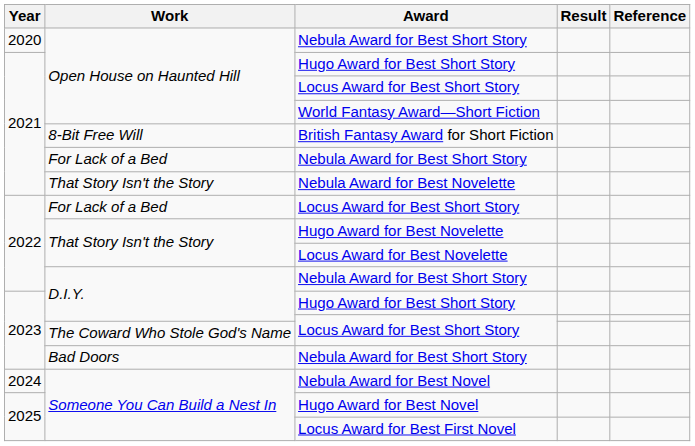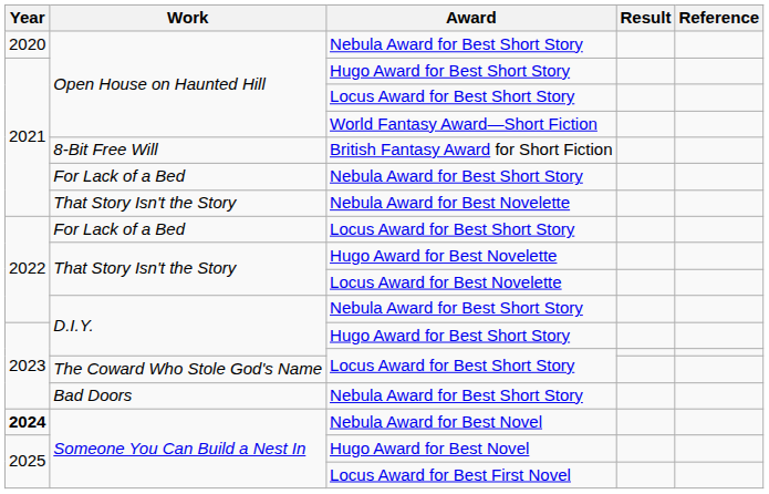 <table class="wikitable sortable">
 <tr>
 <th>Year</th>
 <th>Work</th>
 <th>Award</th>
 <th>Result</th>
 <th>Reference</th>
 </tr>
 <tr>
 <td>2020</td>
 <td rowspan=4><em>Open House on Haunted Hill</em></td>
 <td><a href='#'>Nebula Award for Best Short Story</a></td>
 <td></td>
 <td></td>
 </tr>
 <tr>
 <td rowspan=6>2021</td>
 <td><a href='#'>Hugo Award for Best Short Story</a></td>
 <td></td>
 <td></td>
 </tr>
 <tr>
 <td><a href='#'>Locus Award for Best Short Story</a></td>
 <td></td>
 <td></td>
 </tr>
 <tr>
 <td><a href='#'>World Fantasy Award—Short Fiction</a></td>
 <td></td>
 <td></td>
 </tr>
 <tr>
 <td><em>8-Bit Free Will</em></td>
 <td><a href='#'>British Fantasy Award</a> for Short Fiction</td>
 <td></td>
 <td></td>
 </tr>
 <tr>
 <td><em>For Lack of a Bed</em></td>
 <td><a href='#'>Nebula Award for Best Short Story</a></td>
 <td></td>
 <td></td>
 </tr>
 <tr>
 <td><em>That Story Isn't the Story</em></td>
 <td><a href='#'>Nebula Award for Best Novelette</a></td>
 <td></td>
 <td></td>
 </tr>
 <tr>
 <td rowspan=4>2022</td>
 <td><em>For Lack of a Bed</em></td>
 <td><a href='#'>Locus Award for Best Short Story</a></td>
 <td></td>
 <td></td>
 </tr>
 <tr>
 <td rowspan=2><em>That Story Isn't the Story</em></td>
 <td><a href='#'>Hugo Award for Best Novelette</a></td>
 <td></td>
 <td></td>
 </tr>
 <tr>
 <td><a href='#'>Locus Award for Best Novelette</a></td>
 <td></td>
 <td></td>
 </tr>
 <tr>
 <td rowspan=3><em>D.I.Y.</em></td>
 <td><a href='#'>Nebula Award for Best Short Story</a></td>
 <td></td>
 <td></td>
 </tr>
 <tr>
 <td rowspan=4>2023</td>
 <td><a href='#'>Hugo Award for Best Short Story</a></td>
 <td></td>
 <td></td>
 </tr>
 <tr>
 <td rowspan=2><a href='#'>Locus Award for Best Short Story</a></td>
 <td></td>
 <td></td>
 </tr>
 <tr>
 <td><em>The Coward Who Stole God's Name</em></td>
 <td></td>
 <td></td>
 </tr>
 <tr>
 <td><em>Bad Doors</em></td>
 <td><a href='#'>Nebula Award for Best Short Story</a></td>
 <td></td>
 <td></td>
 </tr>
 <tr>
-<td>2024</td>
+<td><strong>2024</strong></td>
 <td rowspan=3><em><a href='#'>Someone You Can Build a Nest In</a></em></td>
 <td><a href='#'>Nebula Award for Best Novel</a></td>
 <td></td>
 <td></td>
 </tr>
 <tr>
 <td rowspan=2>2025</td>
 <td><a href='#'>Hugo Award for Best Novel</a></td>
 <td></td>
 <td></td>
 </tr>
 <tr>
 <td><a href='#'>Locus Award for Best First Novel</a></td>
 <td></td>
 <td></td>
 </tr>
 </table>
